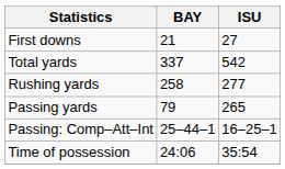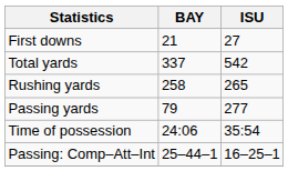 <table class="wikitable" style="float: left;">
 <tr>
 <th>Statistics</th>
 <th>BAY</th>
 <th>ISU</th>
 </tr>
 <tr>
 <td>First downs</td>
 <td>21</td>
 <td>27</td>
 </tr>
 <tr>
 <td>Total yards</td>
 <td>337</td>
 <td>542</td>
 </tr>
 <tr>
 <td>Rushing yards</td>
 <td>258</td>
-<td>277</td>
+<td>265</td>
 </tr>
 <tr>
 <td>Passing yards</td>
 <td>79</td>
-<td>265</td>
+<td>277</td>
+</tr>
+<tr>
+<td>Time of possession</td>
+<td>24:06</td>
+<td>35:54</td>
 </tr>
 <tr>
 <td>Passing: Comp–Att–Int</td>
 <td>25–44–1</td>
 <td>16–25–1</td>
 </tr>
 <tr>
-<td>Time of possession</td>
-<td>24:06</td>
-<td>35:54</td>
-</tr>
-<tr>
 </tr>
 </table>
